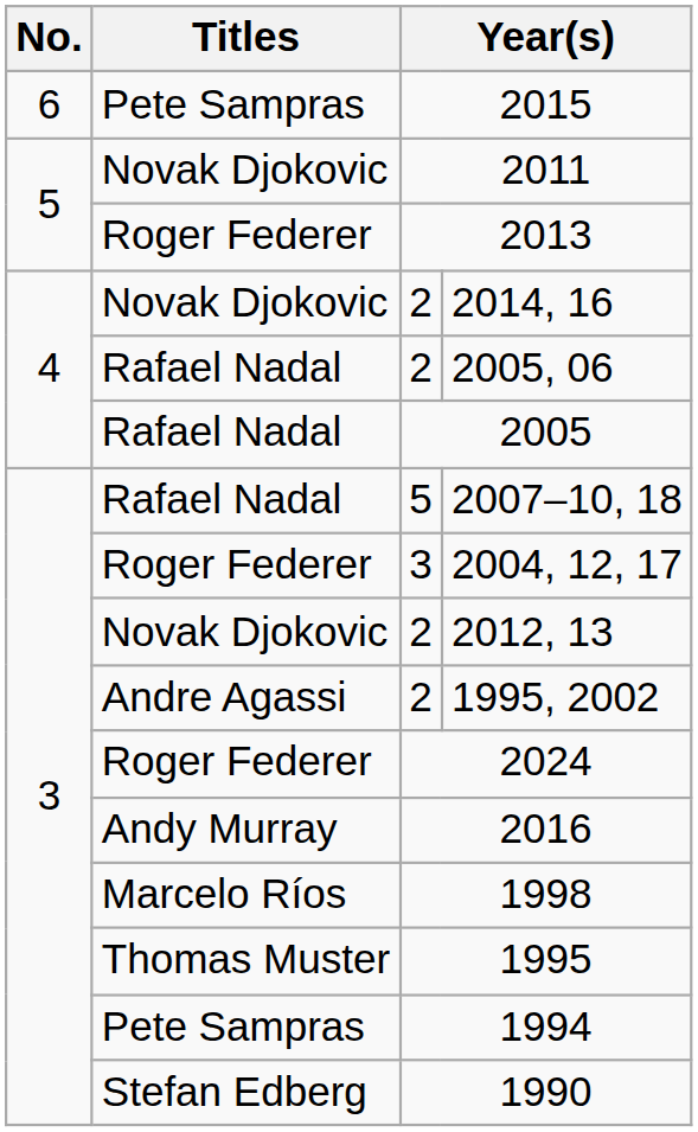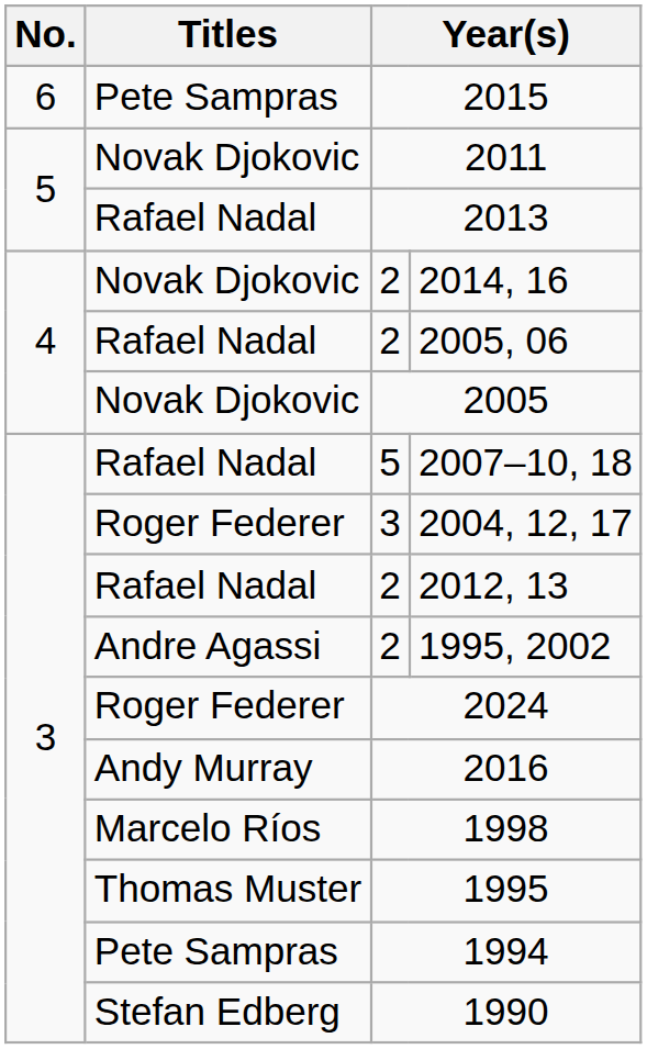 <table class="wikitable nowrap" style="display:inline-table">
 <tr>
 <th scope="col" style="width:20">No.</th>
 <th scope="col">Titles</th>
 <th scope="col" colspan=2>Year(s)</th>
 </tr>
 <tr>
 <td style="text-align:center;">6</td>
 <td> Pete Sampras</td>
 <td colspan=2 style="text-align:center;">2015</td>
 </tr>
 <tr>
 <td rowspan="2" style="text-align:center;">5</td>
 <td> Novak Djokovic</td>
 <td colspan=2 style="text-align:center;">2011</td>
 </tr>
 <tr>
-<td> Roger Federer</td>
+<td> Rafael Nadal</td>
 <td colspan=2 style="text-align:center;">2013</td>
 </tr>
 <tr>
 <td rowspan="3" style="text-align:center;">4</td>
 <td> Novak Djokovic</td>
 <td style="text-align:center;">2</td>
 <td>2014, 16</td>
 </tr>
 <tr>
 <td> Rafael Nadal</td>
 <td style="text-align:center;">2</td>
 <td>2005, 06</td>
 </tr>
 <tr>
-<td> Rafael Nadal</td>
+<td> Novak Djokovic</td>
 <td colspan=2 style="text-align:center;">2005</td>
 </tr>
 <tr>
 <td rowspan="10" style="text-align:center;">3</td>
 <td> Rafael Nadal</td>
 <td style="text-align:center;">5</td>
 <td>2007–10, 18</td>
 </tr>
 <tr>
 <td> Roger Federer</td>
 <td style="text-align:center;">3</td>
 <td>2004, 12, 17</td>
 </tr>
 <tr>
-<td> Novak Djokovic</td>
+<td> Rafael Nadal</td>
 <td style="text-align:center;">2</td>
 <td>2012, 13</td>
 </tr>
 <tr>
 <td> Andre Agassi</td>
 <td style="text-align:center;">2</td>
 <td>1995, 2002</td>
 </tr>
 <tr>
 <td> Roger Federer</td>
 <td colspan=2 style="text-align:center;">2024</td>
 </tr>
 <tr>
 <td> Andy Murray</td>
 <td colspan=2 style="text-align:center;">2016</td>
 </tr>
 <tr>
 <td> Marcelo Ríos</td>
 <td colspan=2 style="text-align:center;">1998</td>
 </tr>
 <tr>
 <td> Thomas Muster</td>
 <td colspan=2 style="text-align:center;">1995</td>
 </tr>
 <tr>
 <td> Pete Sampras</td>
 <td colspan=2 style="text-align:center;">1994</td>
 </tr>
 <tr>
 <td> Stefan Edberg</td>
 <td colspan=2 style="text-align:center;">1990</td>
 </tr>
 </table>
